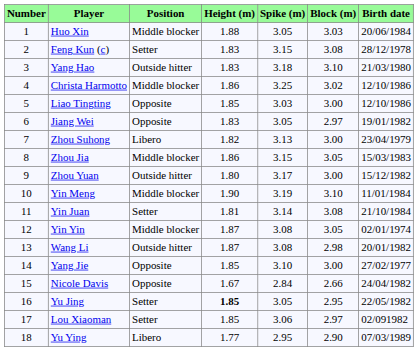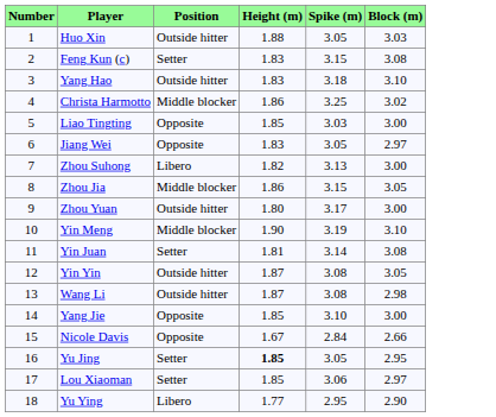 <table bgcolor="#f7f8ff" cellpadding="3" cellspacing="0" border="1" style="font-size: 95%; border: gray solid 1px; border-collapse: collapse;">
 <tr bgcolor="98FB98">
 <td align=center><strong>Number</strong></td>
 <td align=center><strong>Player</strong></td>
 <td align=center><strong>Position</strong></td>
 <td align=center><strong>Height (m)</strong></td>
 <td align=center><strong>Spike (m)</strong></td>
 <td align=center><strong>Block (m)</strong></td>
-<td align=center><strong>Birth date</strong></td>
 </tr>
 <tr align="left">
 <td align="center">1</td>
 <td> <a href='#'>Huo Xin</a></td>
-<td>Middle blocker</td>
+<td>Outside hitter</td>
 <td align="center">1.88</td>
 <td align="center">3.05</td>
 <td align="center">3.03</td>
-<td>20/06/1984</td>
 </tr>
 <tr align=left>
 <td align="center">2</td>
 <td> <a href='#'>Feng Kun</a> (<a href='#'>c</a>)</td>
 <td>Setter</td>
 <td align="center">1.83</td>
 <td align="center">3.15</td>
 <td align="center">3.08</td>
-<td>28/12/1978</td>
 </tr>
 <tr align=left>
 <td align="center">3</td>
 <td> <a href='#'>Yang Hao</a></td>
 <td>Outside hitter</td>
 <td align="center">1.83</td>
 <td align="center">3.18</td>
 <td align="center">3.10</td>
-<td>21/03/1980</td>
 </tr>
 <tr align=left>
 <td align="center">4</td>
 <td> <a href='#'>Christa Harmotto</a></td>
 <td>Middle blocker</td>
 <td align="center">1.86</td>
 <td align="center">3.25</td>
 <td align="center">3.02</td>
-<td>12/10/1986</td>
 </tr>
 <tr align=left>
 <td align="center">5</td>
 <td> <a href='#'>Liao Tingting</a></td>
 <td>Opposite</td>
 <td align="center">1.85</td>
 <td align="center">3.03</td>
 <td align="center">3.00</td>
-<td>12/10/1986</td>
 </tr>
 <tr align=left>
 <td align="center">6</td>
 <td> <a href='#'>Jiang Wei</a></td>
 <td>Opposite</td>
 <td align="center">1.83</td>
 <td align="center">3.05</td>
 <td align="center">2.97</td>
-<td>19/01/1982</td>
 </tr>
 <tr align=left>
 <td align="center">7</td>
 <td> <a href='#'>Zhou Suhong</a></td>
 <td>Libero</td>
 <td align="center">1.82</td>
 <td align="center">3.13</td>
 <td align="center">3.00</td>
-<td>23/04/1979</td>
 </tr>
 <tr align=left>
 <td align="center">8</td>
 <td> <a href='#'>Zhou Jia</a></td>
 <td>Middle blocker</td>
 <td align="center">1.86</td>
 <td align="center">3.15</td>
 <td align="center">3.05</td>
-<td>15/03/1983</td>
 </tr>
 <tr align=left>
 <td align="center">9</td>
 <td> <a href='#'>Zhou Yuan</a></td>
 <td>Outside hitter</td>
 <td align="center">1.80</td>
 <td align="center">3.17</td>
 <td align="center">3.00</td>
-<td>15/12/1982</td>
 </tr>
 <tr align=left>
 <td align="center">10</td>
 <td> <a href='#'>Yin Meng</a></td>
 <td>Middle blocker</td>
 <td align="center">1.90</td>
 <td align="center">3.19</td>
 <td align="center">3.10</td>
-<td>11/01/1984</td>
 </tr>
 <tr align=left>
 <td align="center">11</td>
 <td> <a href='#'>Yin Juan</a></td>
 <td>Setter</td>
 <td align="center">1.81</td>
 <td align="center">3.14</td>
 <td align="center">3.08</td>
-<td>21/10/1984</td>
 </tr>
 <tr align=left>
 <td align="center">12</td>
 <td> <a href='#'>Yin Yin</a></td>
-<td>Middle blocker</td>
+<td>Outside hitter</td>
 <td align="center">1.87</td>
 <td align="center">3.08</td>
 <td align="center">3.05</td>
-<td>02/01/1974</td>
 </tr>
 <tr align=left>
 <td align="center">13</td>
 <td> <a href='#'>Wang Li</a></td>
 <td>Outside hitter</td>
 <td align="center">1.87</td>
 <td align="center">3.08</td>
 <td align="center">2.98</td>
-<td>20/01/1982</td>
 </tr>
 <tr align=left>
 <td align="center">14</td>
 <td> <a href='#'>Yang Jie</a></td>
 <td>Opposite</td>
 <td align="center">1.85</td>
 <td align="center">3.10</td>
 <td align="center">3.00</td>
-<td>27/02/1977</td>
 </tr>
 <tr align=left>
 <td align="center">15</td>
 <td> <a href='#'>Nicole Davis</a></td>
 <td>Opposite</td>
 <td align="center">1.67</td>
 <td align="center">2.84</td>
 <td align="center">2.66</td>
-<td>24/04/1982</td>
 </tr>
 <tr align=left>
 <td align="center">16</td>
 <td> <a href='#'>Yu Jing</a></td>
 <td>Setter</td>
 <td align="center"><strong>1.85</strong></td>
 <td align="center">3.05</td>
 <td align="center">2.95</td>
-<td>22/05/1982</td>
 </tr>
 <tr align=left>
 <td align="center">17</td>
 <td> <a href='#'>Lou Xiaoman</a></td>
 <td>Setter</td>
 <td align="center">1.85</td>
 <td align="center">3.06</td>
 <td align="center">2.97</td>
-<td>02/091982</td>
 </tr>
 <tr align=left>
 <td align="center">18</td>
 <td> <a href='#'>Yu Ying</a></td>
 <td>Libero</td>
 <td align="center">1.77</td>
 <td align="center">2.95</td>
 <td align="center">2.90</td>
-<td>07/03/1989</td>
 </tr>
 </table>
